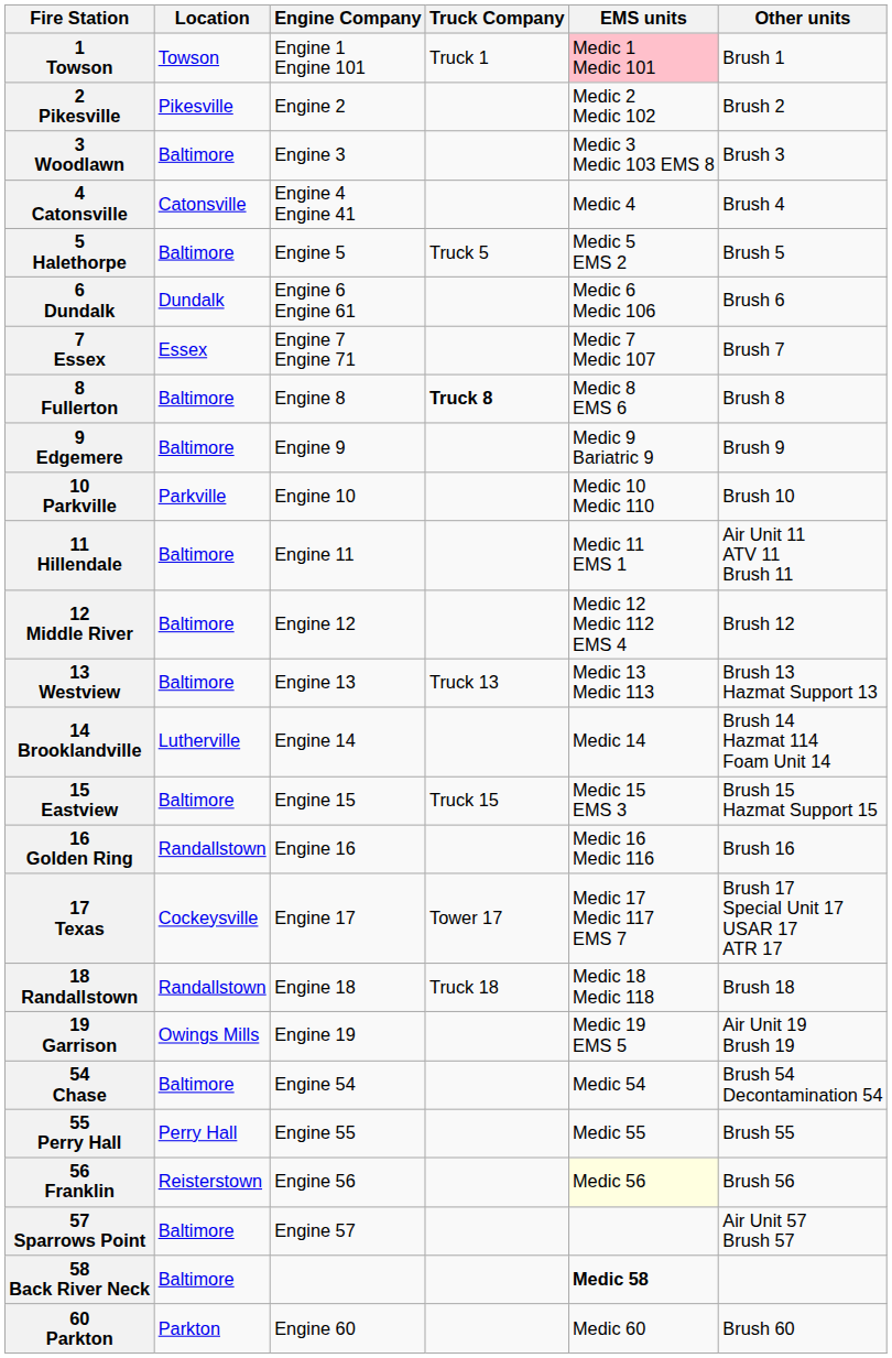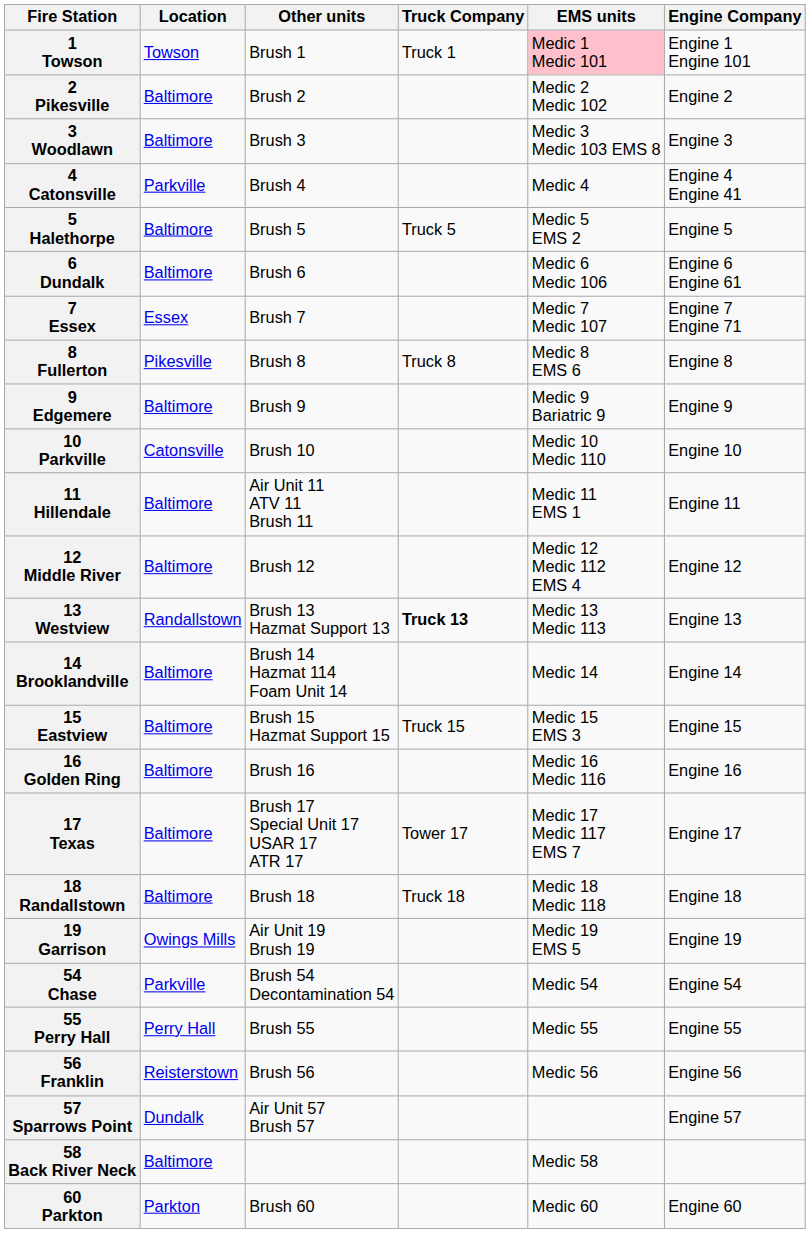 <table class="wikitable">
 <tr>
 <th>Fire Station</th>
 <th>Location</th>
-<th>Engine Company</th>
+<th>Other units</th>
 <th>Truck Company</th>
 <th>EMS units</th>
-<th>Other units</th>
+<th>Engine Company</th>
 </tr>
 <tr>
 <th>1<br>Towson</th>
 <td><a href='#'>Towson</a></td>
-<td>Engine 1<br>Engine 101</td>
+<td>Brush 1</td>
 <td>Truck 1</td>
 <td style="background: pink;">Medic 1<br>Medic 101</td>
-<td>Brush 1</td>
+<td>Engine 1<br>Engine 101</td>
 </tr>
 <tr>
 <th>2<br>Pikesville</th>
-<td><a href='#'>Pikesville</a></td>
-<td>Engine 2</td>
+<td><a href='#'>Baltimore</a></td>
+<td>Brush 2</td>
 <td></td>
 <td>Medic 2<br>Medic 102</td>
-<td>Brush 2</td>
+<td>Engine 2</td>
 </tr>
 <tr>
 <th>3<br>Woodlawn</th>
 <td><a href='#'>Baltimore</a></td>
-<td>Engine 3</td>
+<td>Brush 3</td>
 <td></td>
 <td>Medic 3<br>Medic 103 EMS 8</td>
-<td>Brush 3</td>
+<td>Engine 3</td>
 </tr>
 <tr>
 <th>4<br>Catonsville</th>
-<td><a href='#'>Catonsville</a></td>
-<td>Engine 4<br>Engine 41</td>
+<td><a href='#'>Parkville</a></td>
+<td>Brush 4</td>
 <td></td>
 <td>Medic 4</td>
-<td>Brush 4</td>
+<td>Engine 4<br>Engine 41</td>
 </tr>
 <tr>
 <th>5<br>Halethorpe</th>
 <td><a href='#'>Baltimore</a></td>
-<td>Engine 5</td>
+<td>Brush 5</td>
 <td>Truck 5</td>
 <td>Medic 5<br>EMS 2</td>
-<td>Brush 5</td>
+<td>Engine 5</td>
 </tr>
 <tr>
 <th>6<br>Dundalk</th>
-<td><a href='#'>Dundalk</a></td>
-<td>Engine 6<br>Engine 61</td>
+<td><a href='#'>Baltimore</a></td>
+<td>Brush 6</td>
 <td></td>
 <td>Medic 6<br>Medic 106</td>
-<td>Brush 6</td>
+<td>Engine 6<br>Engine 61</td>
 </tr>
 <tr>
 <th>7<br>Essex</th>
 <td><a href='#'>Essex</a></td>
-<td>Engine 7<br>Engine 71</td>
+<td>Brush 7</td>
 <td></td>
 <td>Medic 7<br>Medic 107</td>
-<td>Brush 7</td>
+<td>Engine 7<br>Engine 71</td>
 </tr>
 <tr>
 <th>8<br>Fullerton</th>
-<td><a href='#'>Baltimore</a></td>
+<td><a href='#'>Pikesville</a></td>
+<td>Brush 8</td>
+<td>Truck 8</td>
+<td>Medic 8<br>EMS 6</td>
 <td>Engine 8</td>
-<td><strong>Truck 8</strong></td>
-<td>Medic 8<br>EMS 6</td>
-<td>Brush 8</td>
 </tr>
 <tr>
 <th>9<br>Edgemere</th>
 <td><a href='#'>Baltimore</a></td>
-<td>Engine 9</td>
+<td>Brush 9</td>
 <td></td>
 <td>Medic 9<br>Bariatric 9</td>
-<td>Brush 9</td>
+<td>Engine 9</td>
 </tr>
 <tr>
 <th>10<br>Parkville</th>
-<td><a href='#'>Parkville</a></td>
-<td>Engine 10</td>
+<td><a href='#'>Catonsville</a></td>
+<td>Brush 10</td>
 <td></td>
 <td>Medic 10<br>Medic 110</td>
-<td>Brush 10</td>
+<td>Engine 10</td>
 </tr>
 <tr>
 <th>11<br>Hillendale</th>
 <td><a href='#'>Baltimore</a></td>
-<td>Engine 11</td>
+<td>Air Unit 11<br>ATV 11<br>Brush 11</td>
 <td></td>
 <td>Medic 11<br>EMS 1</td>
-<td>Air Unit 11<br>ATV 11<br>Brush 11</td>
+<td>Engine 11</td>
 </tr>
 <tr>
 <th>12<br>Middle River</th>
 <td><a href='#'>Baltimore</a></td>
-<td>Engine 12</td>
+<td>Brush 12</td>
 <td></td>
 <td>Medic 12<br>Medic 112<br>EMS 4</td>
-<td>Brush 12</td>
+<td>Engine 12</td>
 </tr>
 <tr>
 <th>13<br>Westview</th>
-<td><a href='#'>Baltimore</a></td>
+<td><a href='#'>Randallstown</a></td>
+<td>Brush 13<br>Hazmat Support 13</td>
+<td><strong>Truck 13</strong></td>
+<td>Medic 13<br>Medic 113</td>
 <td>Engine 13</td>
-<td>Truck 13</td>
-<td>Medic 13<br>Medic 113</td>
-<td>Brush 13<br>Hazmat Support 13</td>
 </tr>
 <tr>
 <th>14<br>Brooklandville</th>
-<td><a href='#'>Lutherville</a></td>
-<td>Engine 14</td>
+<td><a href='#'>Baltimore</a></td>
+<td>Brush 14<br>Hazmat 114<br>Foam Unit 14</td>
 <td></td>
 <td>Medic 14</td>
-<td>Brush 14<br>Hazmat 114<br>Foam Unit 14</td>
+<td>Engine 14</td>
 </tr>
 <tr>
 <th>15<br>Eastview</th>
 <td><a href='#'>Baltimore</a></td>
-<td>Engine 15</td>
+<td>Brush 15<br>Hazmat Support 15</td>
 <td>Truck 15</td>
 <td>Medic 15<br>EMS 3</td>
-<td>Brush 15<br>Hazmat Support 15</td>
+<td>Engine 15</td>
 </tr>
 <tr>
 <th>16<br>Golden Ring</th>
-<td><a href='#'>Randallstown</a></td>
-<td>Engine 16</td>
+<td><a href='#'>Baltimore</a></td>
+<td>Brush 16</td>
 <td></td>
 <td>Medic 16<br>Medic 116</td>
-<td>Brush 16</td>
+<td>Engine 16</td>
 </tr>
 <tr>
 <th>17<br>Texas</th>
-<td><a href='#'>Cockeysville</a></td>
-<td>Engine 17</td>
+<td><a href='#'>Baltimore</a></td>
+<td>Brush 17<br>Special Unit 17<br>USAR 17<br>ATR 17</td>
 <td>Tower 17</td>
 <td>Medic 17<br>Medic 117<br>EMS 7</td>
-<td>Brush 17<br>Special Unit 17<br>USAR 17<br>ATR 17</td>
+<td>Engine 17</td>
 </tr>
 <tr>
 <th>18<br>Randallstown</th>
-<td><a href='#'>Randallstown</a></td>
-<td>Engine 18</td>
+<td><a href='#'>Baltimore</a></td>
+<td>Brush 18</td>
 <td>Truck 18</td>
 <td>Medic 18<br>Medic 118</td>
-<td>Brush 18</td>
+<td>Engine 18</td>
 </tr>
 <tr>
 <th>19<br>Garrison</th>
 <td><a href='#'>Owings Mills</a></td>
-<td>Engine 19</td>
+<td>Air Unit 19<br>Brush 19</td>
 <td></td>
 <td>Medic 19<br>EMS 5</td>
-<td>Air Unit 19<br>Brush 19</td>
+<td>Engine 19</td>
 </tr>
 <tr>
 <th>54<br>Chase</th>
-<td><a href='#'>Baltimore</a></td>
-<td>Engine 54</td>
+<td><a href='#'>Parkville</a></td>
+<td>Brush 54<br>Decontamination 54</td>
 <td></td>
 <td>Medic 54</td>
-<td>Brush 54<br>Decontamination 54</td>
+<td>Engine 54</td>
 </tr>
 <tr>
 <th>55<br>Perry Hall</th>
 <td><a href='#'>Perry Hall</a></td>
-<td>Engine 55</td>
+<td>Brush 55</td>
 <td></td>
 <td>Medic 55</td>
-<td>Brush 55</td>
+<td>Engine 55</td>
 </tr>
 <tr>
 <th>56<br>Franklin</th>
 <td><a href='#'>Reisterstown</a></td>
+<td>Brush 56</td>
+<td></td>
+<td>Medic 56</td>
 <td>Engine 56</td>
-<td></td>
-<td style="background: lightyellow;">Medic 56</td>
-<td>Brush 56</td>
 </tr>
 <tr>
 <th>57<br>Sparrows Point</th>
-<td><a href='#'>Baltimore</a></td>
-<td>Engine 57</td>
+<td><a href='#'>Dundalk</a></td>
+<td>Air Unit 57<br>Brush 57</td>
 <td></td>
 <td></td>
-<td>Air Unit 57<br>Brush 57</td>
+<td>Engine 57</td>
 </tr>
 <tr>
 <th>58<br>Back River Neck</th>
 <td><a href='#'>Baltimore</a></td>
 <td></td>
 <td></td>
-<td><strong>Medic 58</strong></td>
+<td>Medic 58</td>
 <td></td>
 </tr>
 <tr>
 <th>60<br>Parkton</th>
 <td><a href='#'>Parkton</a></td>
-<td>Engine 60</td>
+<td>Brush 60</td>
 <td></td>
 <td>Medic 60</td>
-<td>Brush 60</td>
+<td>Engine 60</td>
 </tr>
 </table>
